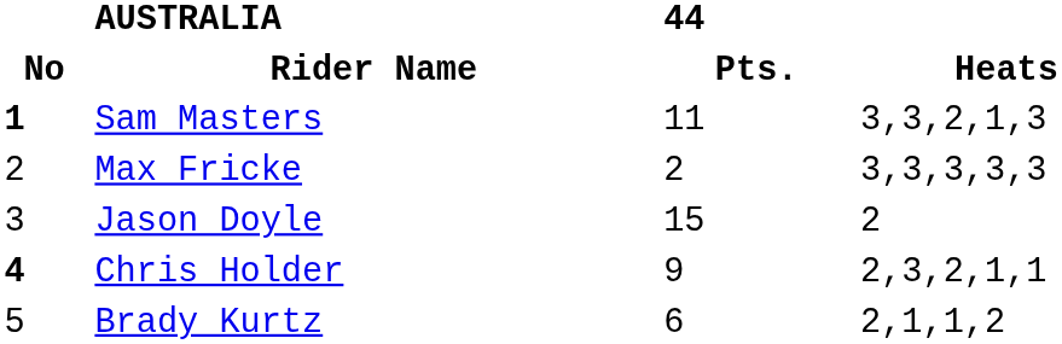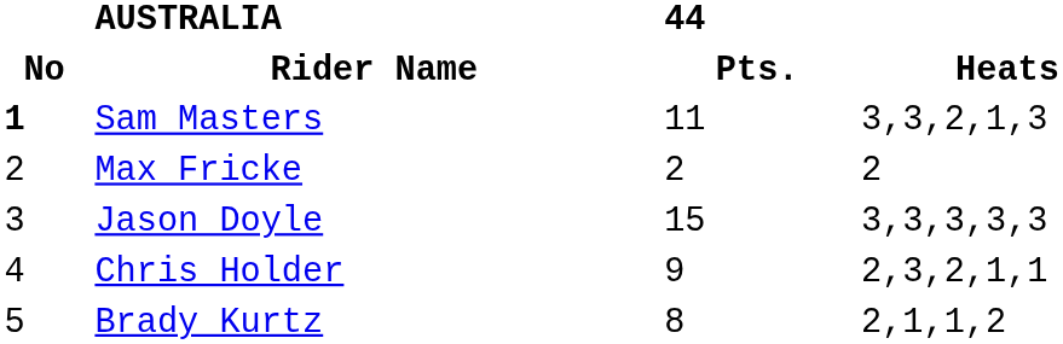 <table class="toccolours">
 <tr>
 <td></td>
 <td><strong>AUSTRALIA</strong></td>
 <td><strong>44</strong></td>
 </tr>
 <tr style="background: ">
 <th width=30px>No</th>
 <th width=210px>Rider Name</th>
 <th width=70px>Pts.</th>
 <th width=110px>Heats</th>
 </tr>
 <tr style="background-color:">
 <td><strong>1</strong></td>
 <td><a href='#'>Sam Masters</a></td>
 <td>11</td>
 <td>3,3,2,1,3</td>
 </tr>
 <tr style="background-color:">
 <td>2</td>
 <td><a href='#'>Max Fricke</a></td>
 <td>2</td>
-<td>3,3,3,3,3</td>
+<td>2</td>
 </tr>
 <tr style="background-color:">
 <td>3</td>
 <td><a href='#'>Jason Doyle</a></td>
 <td>15</td>
-<td>2</td>
+<td>3,3,3,3,3</td>
 </tr>
 <tr style="background-color:">
-<td><strong>4</strong></td>
+<td>4</td>
 <td><a href='#'>Chris Holder</a></td>
 <td>9</td>
 <td>2,3,2,1,1</td>
 </tr>
 <tr style="background-color:">
 <td>5</td>
 <td><a href='#'>Brady Kurtz</a></td>
-<td>6</td>
+<td>8</td>
 <td>2,1,1,2</td>
 </tr>
 </table>
